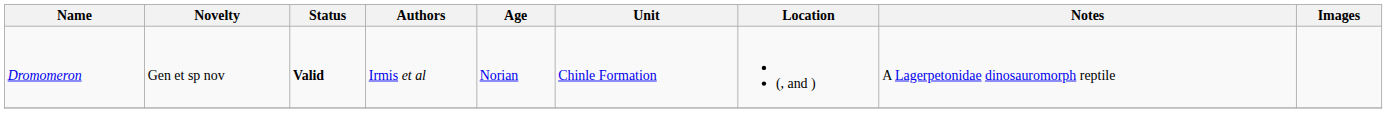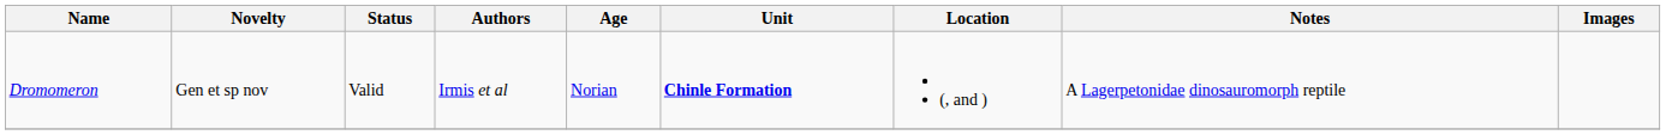 <table class="wikitable sortable" align="center" width="100%">
 <tr>
 <th>Name</th>
 <th>Novelty</th>
 <th>Status</th>
 <th>Authors</th>
 <th>Age</th>
 <th>Unit</th>
 <th>Location</th>
 <th>Notes</th>
 <th>Images</th>
 </tr>
 <tr>
 <td><br><em><a href='#'>Dromomeron</a></em></td>
 <td><br>Gen et sp nov</td>
-<td><strong><br>Valid</strong></td>
+<td><br>Valid</td>
 <td><br><a href='#'>Irmis</a> <em>et al</em></td>
 <td><br><a href='#'>Norian</a></td>
-<td><br><a href='#'>Chinle Formation</a></td>
+<td><strong><br><a href='#'>Chinle Formation</a></strong></td>
 <td><br><ul><li></li><li> (,  and )</li></ul></td>
 <td><br>A <a href='#'>Lagerpetonidae</a> <a href='#'>dinosauromorph</a> reptile</td>
 <td><br></td>
 </tr>
 <tr>
 </tr>
 </table>
